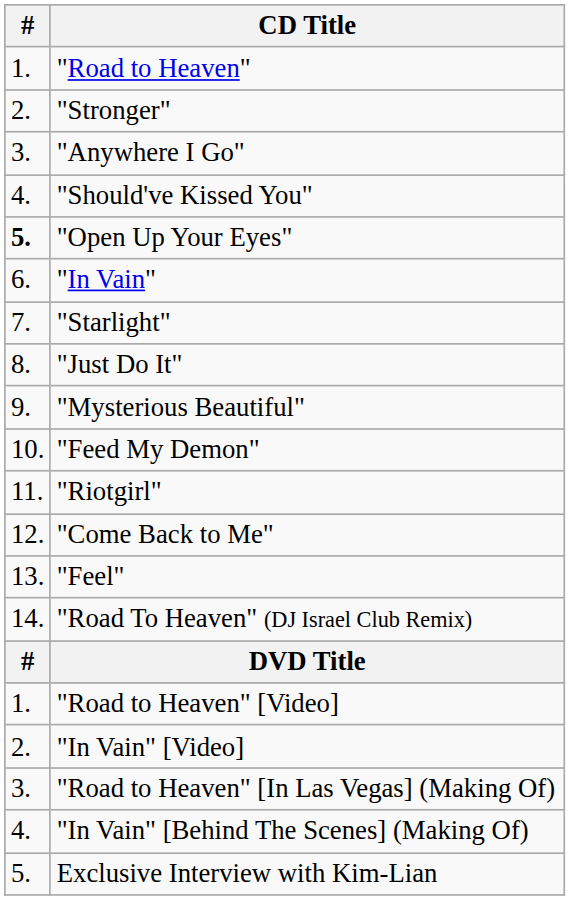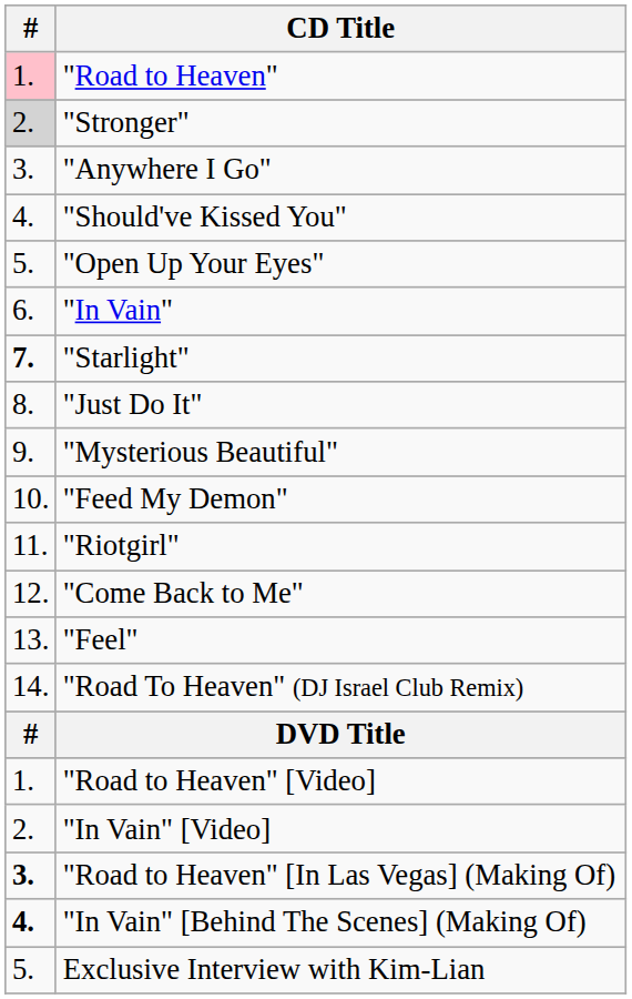 <table class="wikitable">
 <tr>
 <th>#</th>
 <th width="300">CD Title</th>
 </tr>
 <tr>
-<td>1.</td>
+<td style="background: pink;">1.</td>
 <td>"<a href='#'>Road to Heaven</a>"</td>
 </tr>
 <tr>
-<td>2.</td>
+<td style="background: lightgrey;">2.</td>
 <td>"Stronger"</td>
 </tr>
 <tr>
 <td>3.</td>
 <td>"Anywhere I Go"</td>
 </tr>
 <tr>
 <td>4.</td>
 <td>"Should've Kissed You"</td>
 </tr>
 <tr>
-<td><strong>5.</strong></td>
+<td>5.</td>
 <td>"Open Up Your Eyes"</td>
 </tr>
 <tr>
 <td>6.</td>
 <td>"<a href='#'>In Vain</a>"</td>
 </tr>
 <tr>
-<td>7.</td>
+<td><strong>7.</strong></td>
 <td>"Starlight"</td>
 </tr>
 <tr>
 <td>8.</td>
 <td>"Just Do It"</td>
 </tr>
 <tr>
 <td>9.</td>
 <td>"Mysterious Beautiful"</td>
 </tr>
 <tr>
 <td>10.</td>
 <td>"Feed My Demon"</td>
 </tr>
 <tr>
 <td>11.</td>
 <td>"Riotgirl"</td>
 </tr>
 <tr>
 <td>12.</td>
 <td>"Come Back to Me"</td>
 </tr>
 <tr>
 <td>13.</td>
 <td>"Feel"</td>
 </tr>
 <tr>
 <td>14.</td>
 <td>"Road To Heaven" <small>(DJ Israel Club Remix)</small></td>
 </tr>
 <tr bgcolor="#CCCCCC">
 <th>#</th>
 <th width="300">DVD Title</th>
 </tr>
 <tr>
 <td>1.</td>
 <td>"Road to Heaven" [Video]</td>
 </tr>
 <tr>
 <td>2.</td>
 <td>"In Vain" [Video]</td>
 </tr>
 <tr>
-<td>3.</td>
+<td><strong>3.</strong></td>
 <td>"Road to Heaven" [In Las Vegas] (Making Of)</td>
 </tr>
 <tr>
-<td>4.</td>
+<td><strong>4.</strong></td>
 <td>"In Vain" [Behind The Scenes] (Making Of)</td>
 </tr>
 <tr>
 <td>5.</td>
 <td>Exclusive Interview with Kim-Lian</td>
 </tr>
 </table>
